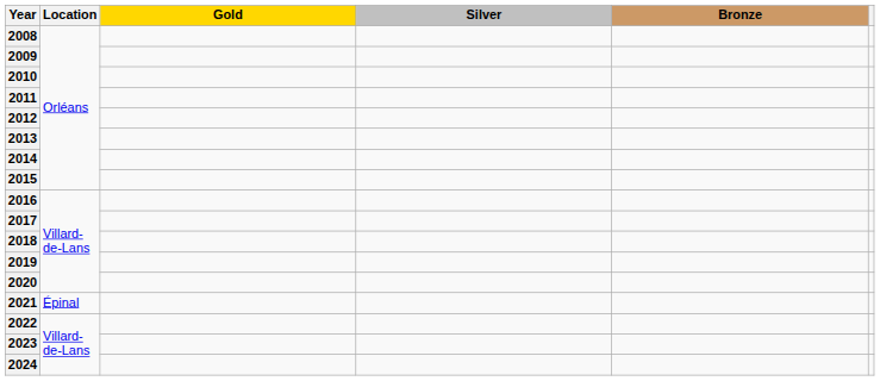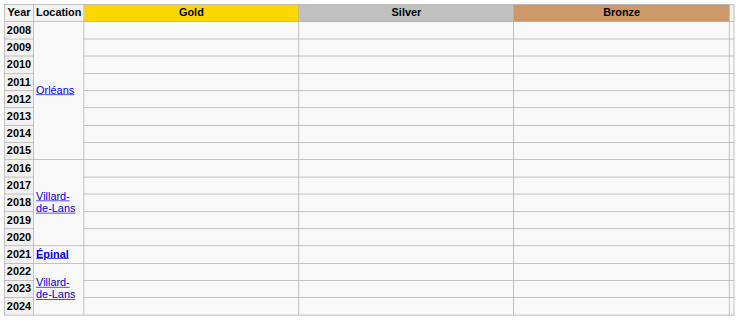 <table class="wikitable unsortable" style="text-align:left; width:85%">
 <tr>
 <th scope="col" style="text-align:center">Year</th>
 <th scope="col" style="text-align:center">Location</th>
 <td scope="col" style="text-align:center; width:30%; background:gold"><strong>Gold</strong></td>
 <td scope="col" style="text-align:center; width:30%; background:silver"><strong>Silver</strong></td>
 <td scope="col" style="text-align:center; width:30%; background:#c96"><strong>Bronze</strong></td>
 <th scope="col" style="text-align:center"></th>
 </tr>
 <tr>
 <th scope="row">2008</th>
 <td rowspan="8"><a href='#'>Orléans</a></td>
 <td></td>
 <td></td>
 <td></td>
 <td></td>
 </tr>
 <tr>
 <th scope="row">2009</th>
 <td></td>
 <td></td>
 <td></td>
 <td></td>
 </tr>
 <tr>
 <th scope="row">2010</th>
 <td></td>
 <td></td>
 <td></td>
 <td></td>
 </tr>
 <tr>
 <th scope="row">2011</th>
 <td></td>
 <td></td>
 <td></td>
 <td></td>
 </tr>
 <tr>
 <th scope="row">2012</th>
 <td></td>
 <td></td>
 <td></td>
 <td></td>
 </tr>
 <tr>
 <th scope="row">2013</th>
 <td></td>
 <td></td>
 <td></td>
 <td></td>
 </tr>
 <tr>
 <th scope="row">2014</th>
 <td></td>
 <td></td>
 <td></td>
 <td></td>
 </tr>
 <tr>
 <th scope="row">2015</th>
 <td></td>
 <td></td>
 <td></td>
 <td></td>
 </tr>
 <tr>
 <th scope="row">2016</th>
 <td rowspan="5"><a href='#'>Villard-de-Lans</a></td>
 <td></td>
 <td></td>
 <td></td>
 <td></td>
 </tr>
 <tr>
 <th scope="row">2017</th>
 <td></td>
 <td></td>
 <td></td>
 <td></td>
 </tr>
 <tr>
 <th scope="row">2018</th>
 <td></td>
 <td></td>
 <td></td>
 <td></td>
 </tr>
 <tr>
 <th scope="row">2019</th>
 <td></td>
 <td></td>
 <td></td>
 <td></td>
 </tr>
 <tr>
 <th scope="row">2020</th>
 <td></td>
 <td></td>
 <td></td>
 <td></td>
 </tr>
 <tr>
 <th scope="row">2021</th>
-<td><a href='#'>Épinal</a></td>
+<td><strong><a href='#'>Épinal</a></strong></td>
 <td></td>
 <td></td>
 <td></td>
 <td></td>
 </tr>
 <tr>
 <th scope="row">2022</th>
 <td rowspan="3"><a href='#'>Villard-de-Lans</a></td>
 <td></td>
 <td></td>
 <td></td>
 <td></td>
 </tr>
 <tr>
 <th scope="row">2023</th>
 <td></td>
 <td></td>
 <td></td>
 <td></td>
 </tr>
 <tr>
 <th scope="row">2024</th>
 <td></td>
 <td></td>
 <td></td>
 <td></td>
 </tr>
 </table>
